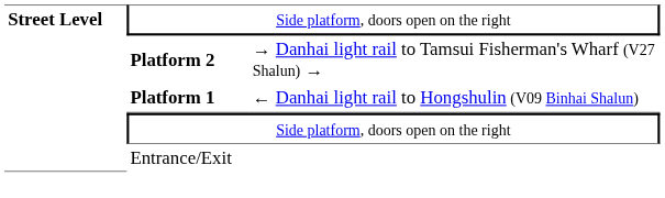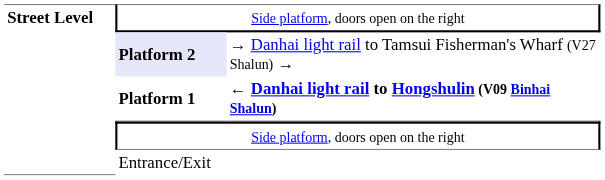 <table cellspacing="0" cellpadding="3">
 <tr>
 <td rowspan="5" style="border-top:solid 1px gray;border-bottom:solid 1px gray;" width="100" valign="top"><strong>Street Level</strong></td>
 <td colspan="2" style="border-right:solid 2px black;border-left:solid 2px black;border-bottom:solid 2px black;border-top:solid 1px gray" align="center"><small><a href='#'>Side platform</a>, doors open on the right</small></td>
 </tr>
 <tr>
-<td><strong>Platform 2</strong></td>
+<td style="background: lavender;"><strong>Platform 2</strong></td>
 <td><span>→</span>  <a href='#'>Danhai light rail</a> to Tamsui Fisherman's Wharf <small> (V27 Shalun)</small> →</td>
 </tr>
 <tr>
 <td style="border-bottom:solid 1px gray;" width="100"><strong>Platform 1</strong></td>
-<td style="border-bottom:solid 1px gray;" width="350">← <a href='#'>Danhai light rail</a> to <a href='#'>Hongshulin</a><small> (V09 <a href='#'>Binhai Shalun</a>)</small></td>
+<td style="border-bottom:solid 1px gray;" width="350"><strong>← <a href='#'>Danhai light rail</a> to <a href='#'>Hongshulin</a><small> (V09 <a href='#'>Binhai Shalun</a>)</small></strong></td>
 </tr>
 <tr>
 <td colspan="2" style="border-top:solid 2px black;border-right:solid 2px black;border-left:solid 2px black;border-bottom:solid 1px gray;" align="center"><small><a href='#'>Side platform</a>, doors open on the right</small></td>
 </tr>
 <tr>
 <td colspan="2">Entrance/Exit</td>
 </tr>
 </table>
